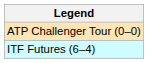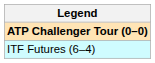 <table class=wikitable>
 <tr>
 <th>Legend</th>
 </tr>
 <tr bgcolor=moccasin>
-<td>ATP Challenger Tour (0–0)</td>
+<td><strong>ATP Challenger Tour (0–0)</strong></td>
 </tr>
 <tr bgcolor=CFFCFF>
 <td>ITF Futures (6–4)</td>
 </tr>
 </table>
